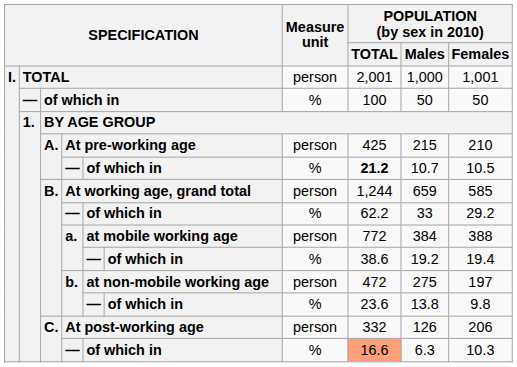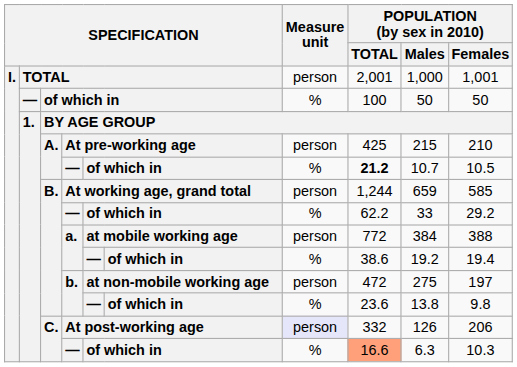 <table class="wikitable" style="font-size:85%; text-align:center">
 <tr>
 <th rowspan="2" colspan="6">SPECIFICATION</th>
 <th rowspan="2">Measure<br> unit</th>
 <th colspan="3" rowspan="1">POPULATION<br> (by sex in 2010)</th>
 </tr>
 <tr>
 <th>TOTAL</th>
 <th>Males</th>
 <th>Females</th>
 </tr>
 <tr>
 <th style="text-align:left" valign="top" rowspan="13">I.</th>
 <th style="text-align:left" colspan="5">TOTAL</th>
 <td>person</td>
 <td>2,001</td>
 <td>1,000</td>
 <td>1,001</td>
 </tr>
 <tr>
 <th style="text-align:left" valign="top">—</th>
 <th style="text-align:left" colspan="4">of which in</th>
 <td>%</td>
 <td>100</td>
 <td>50</td>
 <td>50</td>
 </tr>
 <tr>
 <th style="text-align:left" valign="top" rowspan="11">1.</th>
 <th style="text-align:left" colspan="19">BY AGE GROUP</th>
 </tr>
 <tr>
 <th style="text-align:left" valign="top" rowspan="2">A.</th>
 <th style="text-align:left" colspan="3">At pre-working age</th>
 <td>person</td>
 <td>425</td>
 <td>215</td>
 <td>210</td>
 </tr>
 <tr>
 <th style="text-align:left" valign="top">—</th>
 <th style="text-align:left" valign="top" colspan="2">of which in</th>
 <td>%</td>
 <td><strong>21.2</strong></td>
 <td>10.7</td>
 <td>10.5</td>
 </tr>
 <tr>
 <th style="text-align:left" valign="top" rowspan="6">B.</th>
 <th style="text-align:left" colspan="3">At working age, grand total</th>
 <td>person</td>
 <td>1,244</td>
 <td>659</td>
 <td>585</td>
 </tr>
 <tr>
 <th style="text-align:left" valign="top">—</th>
 <th style="text-align:left" valign="top" colspan="2">of which in</th>
 <td>%</td>
 <td>62.2</td>
 <td>33</td>
 <td>29.2</td>
 </tr>
 <tr>
 <th style="text-align:left" valign="top" rowspan="2">a.</th>
 <th style="text-align:left" colspan="2">at mobile working age</th>
 <td>person</td>
 <td>772</td>
 <td>384</td>
 <td>388</td>
 </tr>
 <tr>
 <th style="text-align:left" valign="top">—</th>
 <th style="text-align:left" valign="top" colspan="1">of which in                        </th>
 <td>%</td>
 <td>38.6</td>
 <td>19.2</td>
 <td>19.4</td>
 </tr>
 <tr>
 <th style="text-align:left" valign="top" rowspan="2">b.</th>
 <th style="text-align:left" colspan="2">at non-mobile working age</th>
 <td>person</td>
 <td>472</td>
 <td>275</td>
 <td>197</td>
 </tr>
 <tr>
 <th style="text-align:left" valign="top">—</th>
 <th style="text-align:left" valign="top" colspan="1">of which in                        </th>
 <td>%</td>
 <td>23.6</td>
 <td>13.8</td>
 <td>9.8</td>
 </tr>
 <tr>
 <th style="text-align:left" valign="top" rowspan="2">C.</th>
 <th style="text-align:left" colspan="3">At post-working age</th>
-<td>person</td>
+<td style="background: lavender;">person</td>
 <td>332</td>
 <td>126</td>
 <td>206</td>
 </tr>
 <tr>
 <th style="text-align:left" valign="top">—</th>
 <th style="text-align:left" valign="top" colspan="2">of which in</th>
 <td>%</td>
 <td style="background: lightsalmon;">16.6</td>
 <td>6.3</td>
 <td>10.3</td>
 </tr>
 </table>
